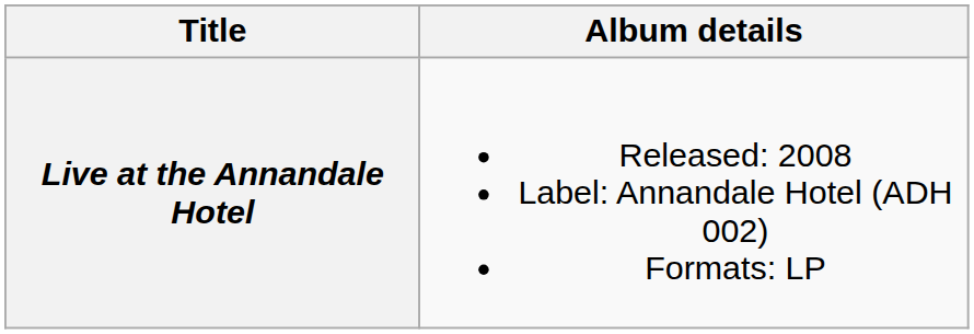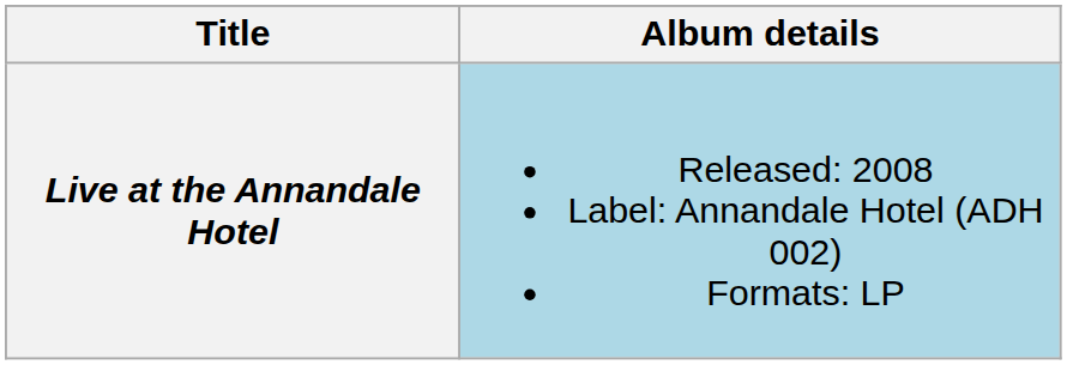 <table class="wikitable plainrowheaders" style="text-align:center;" border="1">
 <tr>
 <th scope="col" style="width:12em;">Title</th>
 <th scope="col" style="width:16em;">Album details</th>
 </tr>
 <tr>
 <th scope="row"><em>Live at the Annandale Hotel</em></th>
-<td><br><ul><li>Released: 2008</li><li>Label: Annandale Hotel (ADH 002)</li><li>Formats: LP</li></ul></td>
+<td style="background: lightblue;"><br><ul><li>Released: 2008</li><li>Label: Annandale Hotel (ADH 002)</li><li>Formats: LP</li></ul></td>
 </tr>
 </table>
